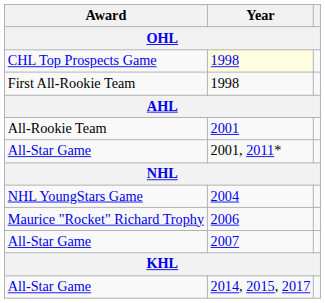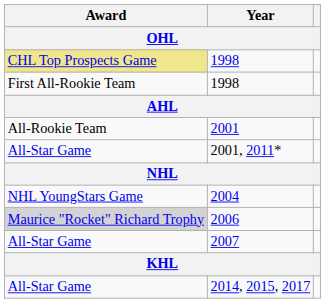 <table class="wikitable">
 <tr>
 <th>Award</th>
 <th>Year</th>
 <th></th>
 </tr>
 <tr>
 <th colspan="3"><a href='#'>OHL</a></th>
 </tr>
 <tr>
-<td><a href='#'>CHL Top Prospects Game</a></td>
-<td style="background: lightyellow;"><a href='#'>1998</a></td>
+<td style="background: khaki;"><a href='#'>CHL Top Prospects Game</a></td>
+<td><a href='#'>1998</a></td>
 <td></td>
 </tr>
 <tr>
 <td>First All-Rookie Team</td>
 <td>1998</td>
 <td></td>
 </tr>
 <tr>
 <th colspan="3"><a href='#'>AHL</a></th>
 </tr>
 <tr>
 <td>All-Rookie Team</td>
 <td><a href='#'>2001</a></td>
 <td></td>
 </tr>
 <tr>
 <td><a href='#'>All-Star Game</a></td>
 <td>2001, <a href='#'>2011</a>*</td>
 <td></td>
 </tr>
 <tr>
 <th colspan="3"><a href='#'>NHL</a></th>
 </tr>
 <tr>
 <td><a href='#'>NHL YoungStars Game</a></td>
 <td><a href='#'>2004</a></td>
 <td></td>
 </tr>
 <tr>
-<td><a href='#'>Maurice "Rocket" Richard Trophy</a></td>
+<td style="background: lightgrey;"><a href='#'>Maurice "Rocket" Richard Trophy</a></td>
 <td><a href='#'>2006</a></td>
 <td></td>
 </tr>
 <tr>
 <td><a href='#'>All-Star Game</a></td>
 <td><a href='#'>2007</a></td>
 <td></td>
 </tr>
 <tr>
 <th colspan="3"><a href='#'>KHL</a></th>
 </tr>
 <tr>
 <td><a href='#'>All-Star Game</a></td>
 <td><a href='#'>2014</a>, <a href='#'>2015</a>, <a href='#'>2017</a></td>
 <td></td>
 </tr>
 </table>
